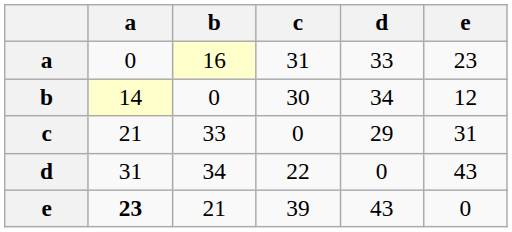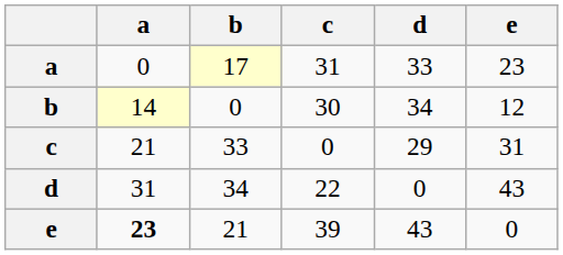 <table class="wikitable" style="text-align: center">
 <tr>
 <th style="width: 50px;"></th>
 <th style="width: 50px;">a</th>
 <th style="width: 50px;">b</th>
 <th style="width: 50px;">c</th>
 <th style="width: 50px;">d</th>
 <th style="width: 50px;">e</th>
 </tr>
 <tr>
 <th>a</th>
 <td>0</td>
-<td style=background:#ffffcc;>16</td>
+<td style=background:#ffffcc;>17</td>
 <td>31</td>
 <td>33</td>
 <td>23</td>
 </tr>
 <tr>
 <th>b</th>
 <td style=background:#ffffcc;>14</td>
 <td>0</td>
 <td>30</td>
 <td>34</td>
 <td>12</td>
 </tr>
 <tr>
 <th>c</th>
 <td>21</td>
 <td>33</td>
 <td>0</td>
 <td>29</td>
 <td>31</td>
 </tr>
 <tr>
 <th>d</th>
 <td>31</td>
 <td>34</td>
 <td>22</td>
 <td>0</td>
 <td>43</td>
 </tr>
 <tr>
 <th>e</th>
 <td><strong>23</strong></td>
 <td>21</td>
 <td>39</td>
 <td>43</td>
 <td>0</td>
 </tr>
 </table>
